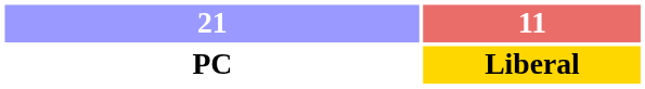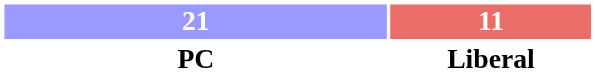 <table style="width:55%; text-align:center;">
 <tr style="color:white;">
 <td style="background:#9999FF; width:65.63%;"><strong>21</strong></td>
 <td style="background:#EA6D6A; width:34.37%;"><strong>11</strong></td>
 </tr>
 <tr>
 <td><span><strong>PC</strong></span></td>
-<td style="background: gold;"><span><strong>Liberal</strong></span></td>
+<td><span><strong>Liberal</strong></span></td>
 </tr>
 </table>
